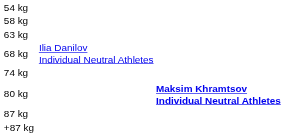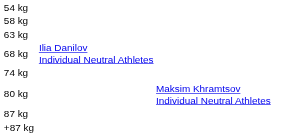 <table>
 <tr>
 <td rowspan=2>54 kg<br></td>
 <td rowspan=2></td>
 <td rowspan=2></td>
 <td></td>
 </tr>
 <tr>
 <td></td>
 </tr>
 <tr>
 <td rowspan=2>58 kg<br></td>
 <td rowspan=2></td>
 <td rowspan=2></td>
 <td></td>
 </tr>
 <tr>
 <td></td>
 </tr>
 <tr>
 <td rowspan=2>63 kg<br></td>
 <td rowspan=2></td>
 <td rowspan=2></td>
 <td></td>
 </tr>
 <tr>
 <td></td>
 </tr>
 <tr>
 <td rowspan=2>68 kg<br></td>
 <td rowspan=2></td>
 <td rowspan=2><a href='#'>Ilia Danilov</a><br><a href='#'>Individual Neutral Athletes</a></td>
 <td></td>
 </tr>
 <tr>
 <td></td>
 </tr>
 <tr>
 <td rowspan=2>74 kg<br></td>
 <td rowspan=2></td>
 <td rowspan=2></td>
 <td></td>
 </tr>
 <tr>
 <td></td>
 </tr>
 <tr>
 <td rowspan=2>80 kg<br></td>
 <td rowspan=2></td>
 <td rowspan=2></td>
 <td></td>
 </tr>
 <tr>
-<td><strong><a href='#'>Maksim Khramtsov</a><br><a href='#'>Individual Neutral Athletes</a></strong></td>
+<td><a href='#'>Maksim Khramtsov</a><br><a href='#'>Individual Neutral Athletes</a></td>
 </tr>
 <tr>
 <td rowspan=2>87 kg<br></td>
 <td rowspan=2></td>
 <td rowspan=2></td>
 <td></td>
 </tr>
 <tr>
 <td></td>
 </tr>
 <tr>
 <td rowspan=2>+87 kg<br></td>
 <td rowspan=2></td>
 <td rowspan=2></td>
 <td></td>
 </tr>
 <tr>
 <td></td>
 </tr>
 </table>
